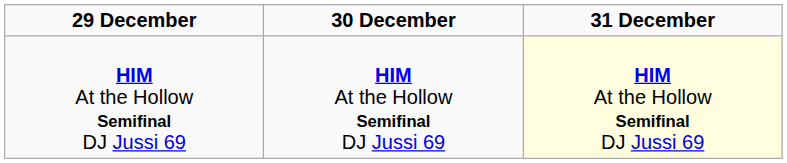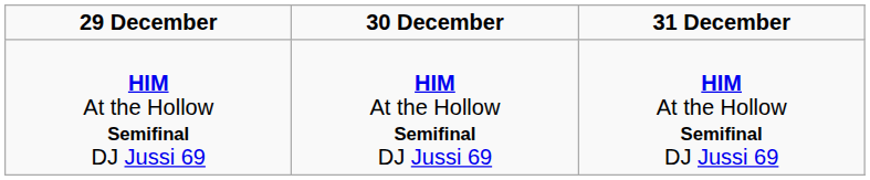 <table class="wikitable">
 <tr>
 <td colspan="1" style="text-align:center;"><strong>29 December</strong> <br></td>
 <td colspan="1" style="text-align:center;"><strong>30 December</strong> <br></td>
 <td colspan="1" style="text-align:center;"><strong>31 December</strong> <br></td>
 </tr>
 <tr>
 <td style="text-align:center; vertical-align:top; width:200px;"><br><strong><a href='#'>HIM</a></strong><br> At the Hollow<br> <small><strong>Semifinal</strong></small><br> DJ <a href='#'>Jussi 69</a><br></td>
 <td style="text-align:center; vertical-align:top; width:200px;"><br><strong><a href='#'>HIM</a></strong><br> At the Hollow<br> <small><strong>Semifinal</strong></small><br> DJ <a href='#'>Jussi 69</a><br></td>
-<td style="background: lightyellow; text-align:center; vertical-align:top; width:200px;"><br><strong><a href='#'>HIM</a></strong><br> At the Hollow<br> <small><strong>Semifinal</strong></small><br> DJ <a href='#'>Jussi 69</a><br></td>
+<td style="text-align:center; vertical-align:top; width:200px;"><br><strong><a href='#'>HIM</a></strong><br> At the Hollow<br> <small><strong>Semifinal</strong></small><br> DJ <a href='#'>Jussi 69</a><br></td>
 </tr>
 </table>
